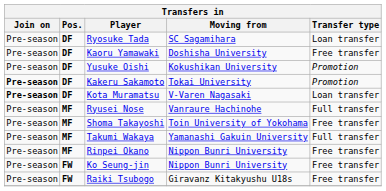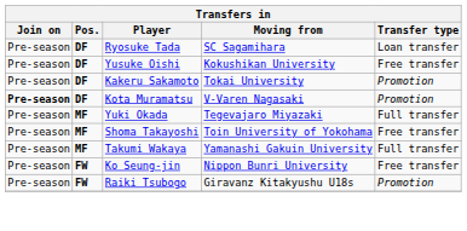 <table class="wikitable sortable" style=“text-align:left;>
 <tr>
 <th colspan="5">Transfers in</th>
 </tr>
 <tr>
 <th>Join on</th>
 <th>Pos.</th>
 <th>Player</th>
 <th>Moving from</th>
 <th>Transfer type</th>
 </tr>
 <tr>
 <td>Pre-season</td>
 <td><strong>DF</strong></td>
 <td> <a href='#'>Ryosuke Tada</a></td>
 <td> <a href='#'>SC Sagamihara</a></td>
 <td>Loan transfer</td>
 </tr>
 <tr>
 <td>Pre-season</td>
 <td><strong>DF</strong></td>
-<td> <a href='#'>Kaoru Yamawaki</a></td>
-<td> <a href='#'>Doshisha University</a></td>
+<td> <a href='#'>Yusuke Oishi</a></td>
+<td> <a href='#'>Kokushikan University</a></td>
 <td>Free transfer</td>
 </tr>
 <tr>
 <td>Pre-season</td>
-<td><strong>DF</strong></td>
-<td> <a href='#'>Yusuke Oishi</a></td>
-<td> <a href='#'>Kokushikan University</a></td>
-<td><em>Promotion</em></td>
-</tr>
-<tr>
-<td><strong>Pre-season</strong></td>
 <td><strong>DF</strong></td>
 <td> <a href='#'>Kakeru Sakamoto</a></td>
 <td> <a href='#'>Tokai University</a></td>
 <td><em>Promotion</em></td>
 </tr>
 <tr>
 <td><strong>Pre-season</strong></td>
 <td><strong>DF</strong></td>
 <td> <a href='#'>Kota Muramatsu</a></td>
 <td> <a href='#'>V-Varen Nagasaki</a></td>
-<td>Loan transfer</td>
+<td><em>Promotion</em></td>
 </tr>
 <tr>
 <td>Pre-season</td>
 <td><strong>MF</strong></td>
-<td> <a href='#'>Ryusei Nose</a></td>
-<td> <a href='#'>Vanraure Hachinohe</a></td>
+<td> <a href='#'>Yuki Okada</a></td>
+<td> <a href='#'>Tegevajaro Miyazaki</a></td>
 <td>Full transfer</td>
 </tr>
 <tr>
 <td>Pre-season</td>
 <td><strong>MF</strong></td>
 <td> <a href='#'>Shoma Takayoshi</a></td>
 <td> <a href='#'>Toin University of Yokohama</a></td>
 <td>Free transfer</td>
 </tr>
 <tr>
 <td>Pre-season</td>
 <td><strong>MF</strong></td>
 <td> <a href='#'>Takumi Wakaya</a></td>
 <td> <a href='#'>Yamanashi Gakuin University</a></td>
 <td>Full transfer</td>
 </tr>
 <tr>
 <td>Pre-season</td>
-<td><strong>MF</strong></td>
-<td> <a href='#'>Rinpei Okano</a></td>
-<td> <a href='#'>Nippon Bunri University</a></td>
-<td>Free transfer</td>
-</tr>
-<tr>
-<td>Pre-season</td>
 <td><strong>FW</strong></td>
 <td> <a href='#'>Ko Seung-jin</a></td>
 <td> <a href='#'>Nippon Bunri University</a></td>
 <td>Free transfer</td>
 </tr>
 <tr>
 <td>Pre-season</td>
 <td><strong>FW</strong></td>
 <td> <a href='#'>Raiki Tsubogo</a></td>
 <td>Giravanz Kitakyushu U18s</td>
-<td>Free transfer</td>
+<td><em>Promotion</em></td>
 </tr>
 <tr>
 </tr>
 </table>
